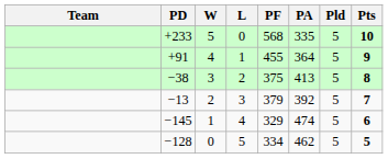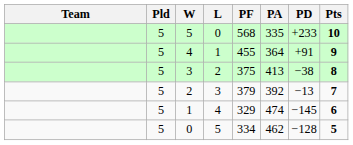 <table class=wikitable style="text-align:center">
 <tr>
 <th width=180>Team</th>
-<th width=30>PD</th>
+<th width=30>Pld</th>
 <th width=30>W</th>
 <th width=30>L</th>
 <th width=30>PF</th>
 <th width=30>PA</th>
-<th width=30>Pld</th>
+<th width=30>PD</th>
 <th width=30>Pts</th>
 </tr>
 <tr bgcolor="#ccffcc">
 <td align="left"></td>
-<td>+233</td>
+<td>5</td>
 <td>5</td>
 <td>0</td>
 <td>568</td>
 <td>335</td>
-<td>5</td>
+<td>+233</td>
 <td><strong>10</strong></td>
 </tr>
 <tr bgcolor="#ccffcc">
 <td align="left"></td>
-<td>+91</td>
+<td>5</td>
 <td>4</td>
 <td>1</td>
 <td>455</td>
 <td>364</td>
-<td>5</td>
+<td>+91</td>
 <td><strong>9</strong></td>
 </tr>
 <tr bgcolor="#ccffcc">
 <td align="left"></td>
-<td>−38</td>
+<td>5</td>
 <td>3</td>
 <td>2</td>
 <td>375</td>
 <td>413</td>
-<td>5</td>
+<td>−38</td>
 <td><strong>8</strong></td>
 </tr>
 <tr>
 <td align="left"></td>
-<td>−13</td>
+<td>5</td>
 <td>2</td>
 <td>3</td>
 <td>379</td>
 <td>392</td>
-<td>5</td>
+<td>−13</td>
 <td><strong>7</strong></td>
 </tr>
 <tr>
 <td align="left"></td>
-<td>−145</td>
+<td>5</td>
 <td>1</td>
 <td>4</td>
 <td>329</td>
 <td>474</td>
-<td>5</td>
+<td>−145</td>
 <td><strong>6</strong></td>
 </tr>
 <tr>
 <td align="left"></td>
-<td>−128</td>
+<td>5</td>
 <td>0</td>
 <td>5</td>
 <td>334</td>
 <td>462</td>
-<td>5</td>
+<td>−128</td>
 <td><strong>5</strong></td>
 </tr>
 </table>
